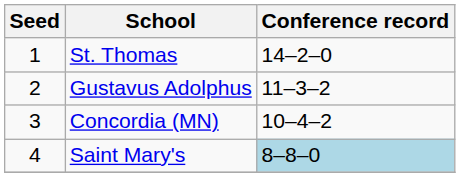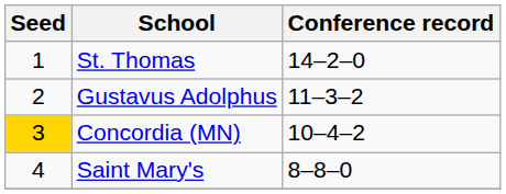 <table class="wikitable">
 <tr>
 <th>Seed</th>
 <th>School</th>
 <th>Conference record</th>
 </tr>
 <tr>
 <td align=center>1</td>
 <td><a href='#'>St. Thomas</a></td>
 <td>14–2–0</td>
 </tr>
 <tr>
 <td align=center>2</td>
 <td><a href='#'>Gustavus Adolphus</a></td>
 <td>11–3–2</td>
 </tr>
 <tr>
-<td align=center>3</td>
+<td align=center style="background: gold;">3</td>
 <td><a href='#'>Concordia (MN)</a></td>
 <td>10–4–2</td>
 </tr>
 <tr>
 <td align=center>4</td>
 <td><a href='#'>Saint Mary's</a></td>
-<td style="background: lightblue;">8–8–0</td>
+<td>8–8–0</td>
 </tr>
 <tr>
 </tr>
 </table>
